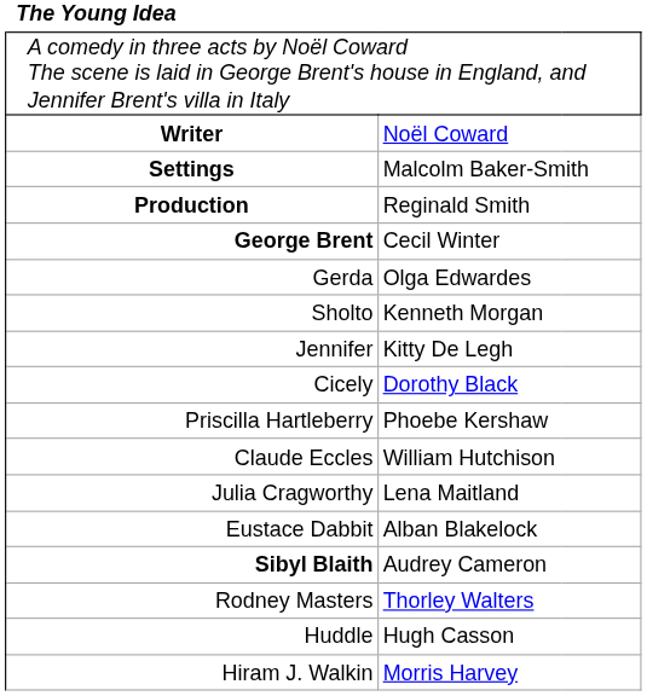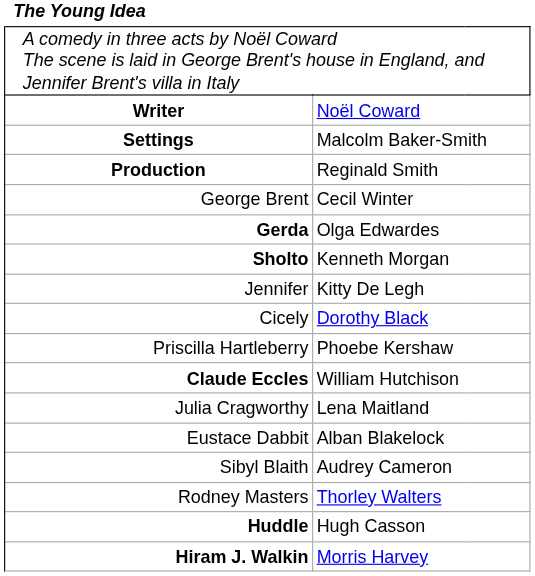 <table class="wikitable mw-collapsible mw-collapsed" style="vertical-align:top;margin:auto 2em;line-height:1.2;max-width:33em;background-color:inherit;border:none;">
 <tr>
 <td class=unsortable style="border:hidden;line-height:1.67;margin-left:-1em;text-align:center;padding-left:0.5em;min-width:1.0em;"></td>
 <td class=unsortable style="border-style:none;padding-left:0.5em;text-align:left;min-width:16.5em;font-weight:700;font-style:italic;">The Young Idea</td>
 <td class=unsortable style="border:none;text-align:right;font-weight:normal; font-size:95%; min-width:8.5em;padding-right:0.2em;"></td>
 <td class=unsortable style="border:none;min-width:3.5em;padding-left:0;"></td>
 <td class=unsortable style="border:hidden;min-width:3.5em;font-size:95%;"></td>
 </tr>
 <tr>
 <td rowspan=100 style="border:none thin;border-right-style :solid;"></td>
 <td colspan=3 style="text-align:left;padding:0.1em 1em;font-style:italic;border: solid thin;">A comedy in three acts by Noël Coward<br>The scene is laid in George Brent's house in England, and Jennifer Brent's villa in Italy</td>
 </tr>
 <tr>
 <td style="text-align:center;font-weight:bold;">Writer</td>
 <td colspan=2><a href='#'>Noël Coward</a></td>
 </tr>
 <tr>
 <td style="text-align:center;font-weight:bold;">Settings</td>
 <td colspan=2>Malcolm Baker-Smith</td>
 </tr>
 <tr>
 <td style="text-align:center;font-weight:bold;">Production</td>
 <td colspan=2>Reginald Smith</td>
 </tr>
 <tr>
-<td style="text-align:right;"><strong>George Brent</strong></td>
+<td style="text-align:right;">George Brent</td>
 <td colspan=2>Cecil Winter</td>
 </tr>
 <tr>
-<td style="text-align:right;">Gerda</td>
+<td style="text-align:right;"><strong>Gerda</strong></td>
 <td colspan=2>Olga Edwardes</td>
 </tr>
 <tr>
-<td style="text-align:right;">Sholto</td>
+<td style="text-align:right;"><strong>Sholto</strong></td>
 <td colspan=2>Kenneth Morgan</td>
 </tr>
 <tr>
 <td style="text-align:right;">Jennifer</td>
 <td colspan=2>Kitty De Legh</td>
 </tr>
 <tr>
 <td style="text-align:right;">Cicely</td>
 <td colspan=2><a href='#'>Dorothy Black</a></td>
 </tr>
 <tr>
 <td style="text-align:right;">Priscilla Hartleberry</td>
 <td colspan=2>Phoebe Kershaw</td>
 </tr>
 <tr>
-<td style="text-align:right;">Claude Eccles</td>
+<td style="text-align:right;"><strong>Claude Eccles</strong></td>
 <td colspan=2>William Hutchison</td>
 </tr>
 <tr>
 <td style="text-align:right;">Julia Cragworthy</td>
 <td colspan=2>Lena Maitland</td>
 </tr>
 <tr>
 <td style="text-align:right;">Eustace Dabbit</td>
 <td colspan=2>Alban Blakelock</td>
 </tr>
 <tr>
-<td style="text-align:right;"><strong>Sibyl Blaith</strong></td>
+<td style="text-align:right;">Sibyl Blaith</td>
 <td colspan=2>Audrey Cameron</td>
 </tr>
 <tr>
 <td style="text-align:right;">Rodney Masters</td>
 <td colspan=2><a href='#'>Thorley Walters</a></td>
 </tr>
 <tr>
-<td style="text-align:right;">Huddle</td>
+<td style="text-align:right;"><strong>Huddle</strong></td>
 <td colspan=2>Hugh Casson</td>
 </tr>
 <tr>
-<td style="text-align:right;">Hiram J. Walkin</td>
+<td style="text-align:right;"><strong>Hiram J. Walkin</strong></td>
 <td colspan=2><a href='#'>Morris Harvey</a></td>
 </tr>
 </table>
